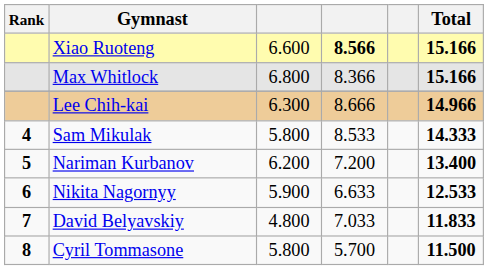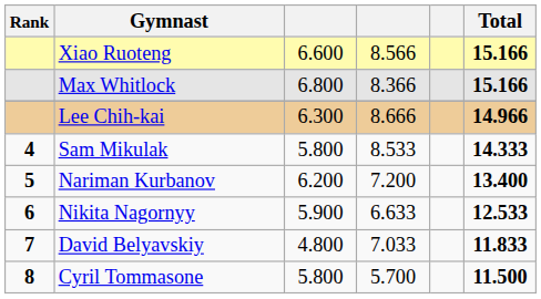 <table style="text-align:center;" class="wikitable sortable">
 <tr>
 <th scope="col" style="width:15px;"><small>Rank</small></th>
 <th scope="col" style="width:175px;">Gymnast</th>
 <th scope="col" style="width:50px;"><small></small></th>
 <th scope="col" style="width:50px;"><small></small></th>
 <th scope="col" style="width:20px;"><small></small></th>
 <th scope="col" style="width:50px;">Total</th>
 </tr>
 <tr style="background:#fffcaf;">
 <td scope="row" style="text-align:center"><strong></strong></td>
 <td style="text-align:left;"> <a href='#'>Xiao Ruoteng</a></td>
 <td>6.600</td>
-<td><strong>8.566</strong></td>
+<td>8.566</td>
 <td></td>
 <td><strong>15.166</strong></td>
 </tr>
 <tr style="background:#e5e5e5;">
 <td scope="row" style="text-align:center"><strong></strong></td>
 <td style="text-align:left;"> <a href='#'>Max Whitlock</a></td>
 <td>6.800</td>
 <td>8.366</td>
 <td></td>
 <td><strong>15.166</strong></td>
 </tr>
 <tr>
 </tr>
 <tr style="background:#ec9;">
 <td scope="row" style="text-align:center"><strong></strong></td>
 <td style="text-align:left;"> <a href='#'>Lee Chih-kai</a></td>
 <td>6.300</td>
 <td>8.666</td>
 <td></td>
 <td><strong>14.966</strong></td>
 </tr>
 <tr>
 <td scope="row" style="text-align:center"><strong>4</strong></td>
 <td style="text-align:left;"> <a href='#'>Sam Mikulak</a></td>
 <td>5.800</td>
 <td>8.533</td>
 <td></td>
 <td><strong>14.333</strong></td>
 </tr>
 <tr>
 <td scope="row" style="text-align:center"><strong>5</strong></td>
 <td style="text-align:left;"> <a href='#'>Nariman Kurbanov</a></td>
 <td>6.200</td>
 <td>7.200</td>
 <td></td>
 <td><strong>13.400</strong></td>
 </tr>
 <tr>
 <td scope="row" style="text-align:center"><strong>6</strong></td>
 <td style="text-align:left;"> <a href='#'>Nikita Nagornyy</a></td>
 <td>5.900</td>
 <td>6.633</td>
 <td></td>
 <td><strong>12.533</strong></td>
 </tr>
 <tr>
 <td scope="row" style="text-align:center"><strong>7</strong></td>
 <td style="text-align:left;"> <a href='#'>David Belyavskiy</a></td>
 <td>4.800</td>
 <td>7.033</td>
 <td></td>
 <td><strong>11.833</strong></td>
 </tr>
 <tr>
 <td scope="row" style="text-align:center"><strong>8</strong></td>
 <td style="text-align:left;"> <a href='#'>Cyril Tommasone</a></td>
 <td>5.800</td>
 <td>5.700</td>
 <td></td>
 <td><strong>11.500</strong></td>
 </tr>
 </table>
